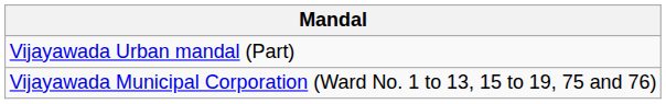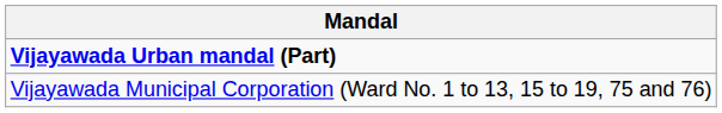 <table class="wikitable sortable static-row-numbers static-row-header-hash">
 <tr>
 <th>Mandal</th>
 </tr>
 <tr>
-<td><a href='#'>Vijayawada Urban mandal</a> (Part)</td>
+<td><strong><a href='#'>Vijayawada Urban mandal</a> (Part)</strong></td>
 </tr>
 <tr>
 <td><a href='#'>Vijayawada Municipal Corporation</a> (Ward No. 1 to 13, 15 to 19, 75 and 76)</td>
 </tr>
 </table>
